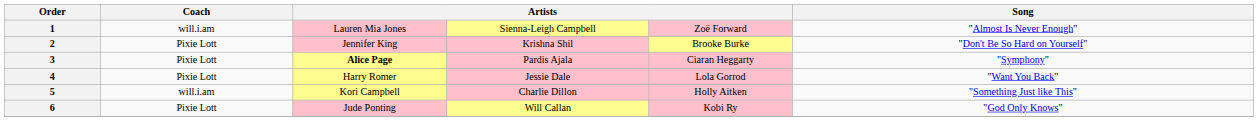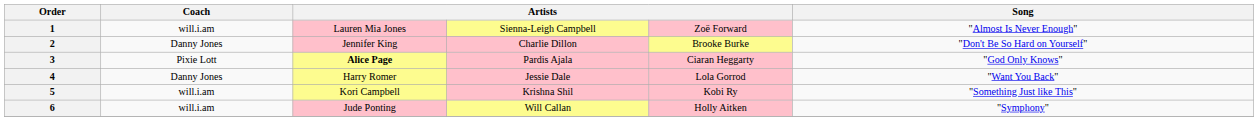 <table class="wikitable" style="text-align:center; width:100%;”">
 <tr>
 <th style="width:05%;">Order</th>
 <th style="width:10%;">Coach</th>
 <th style="width:26%;" colspan="3">Artists</th>
 <th style="width:24%;">Song</th>
 </tr>
 <tr>
 <th scope="col">1</th>
 <td>will.i.am</td>
 <td style="background:pink;text-align:center;">Lauren Mia Jones</td>
 <td style="background:#fdfc8f;text-align:center;">Sienna-Leigh Campbell</td>
 <td style="background:pink;text-align:center;">Zoë Forward</td>
 <td>"<a href='#'>Almost Is Never Enough</a>"</td>
 </tr>
 <tr>
 <th scope="col">2</th>
-<td>Pixie Lott</td>
+<td>Danny Jones</td>
 <td style="background:pink;text-align:center;">Jennifer King</td>
-<td style="background:pink;text-align:center;">Krishna Shil</td>
+<td style="background:pink;text-align:center;">Charlie Dillon</td>
 <td style="background:#fdfc8f;text-align:center;">Brooke Burke</td>
 <td>"<a href='#'>Don't Be So Hard on Yourself</a>"</td>
 </tr>
 <tr>
 <th scope="col">3</th>
 <td>Pixie Lott</td>
 <td style="background:#fdfc8f;text-align:center;"><strong>Alice Page</strong></td>
 <td style="background:pink;text-align:center;">Pardis Ajala</td>
 <td style="background:pink;text-align:center;">Ciaran Heggarty</td>
-<td>"<a href='#'>Symphony</a>"</td>
+<td>"<a href='#'>God Only Knows</a>"</td>
 </tr>
 <tr>
 <th scope="col">4</th>
-<td>Pixie Lott</td>
+<td>Danny Jones</td>
 <td style="background:#fdfc8f;text-align:center;">Harry Romer</td>
 <td style="background:pink;text-align:center;">Jessie Dale</td>
 <td style="background:pink;text-align:center;">Lola Gorrod</td>
 <td>"<a href='#'>Want You Back</a>"</td>
 </tr>
 <tr>
 <th scope="col">5</th>
 <td>will.i.am</td>
 <td style="background:#fdfc8f;text-align:center;">Kori Campbell</td>
-<td style="background:pink;text-align:center;">Charlie Dillon</td>
-<td style="background:pink;text-align:center;">Holly Aitken</td>
+<td style="background:pink;text-align:center;">Krishna Shil</td>
+<td style="background:pink;text-align:center;">Kobi Ry</td>
 <td>"<a href='#'>Something Just like This</a>"</td>
 </tr>
 <tr>
 <th scope="col">6</th>
-<td>Pixie Lott</td>
+<td>will.i.am</td>
 <td style="background:pink;text-align:center;">Jude Ponting</td>
 <td style="background:#fdfc8f;text-align:center;">Will Callan</td>
-<td style="background:pink;text-align:center;">Kobi Ry</td>
-<td>"<a href='#'>God Only Knows</a>"</td>
+<td style="background:pink;text-align:center;">Holly Aitken</td>
+<td>"<a href='#'>Symphony</a>"</td>
 </tr>
 <tr>
 </tr>
 </table>
